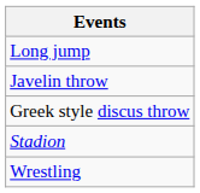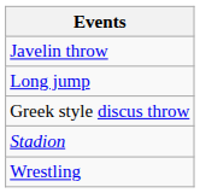 <table class="wikitable"  style="font-size:95%; float:right;">
 <tr>
 <th>Events</th>
 </tr>
 <tr>
-<td><a href='#'>Long jump</a></td>
+<td><a href='#'>Javelin throw</a></td>
 </tr>
 <tr>
-<td><a href='#'>Javelin throw</a></td>
+<td><a href='#'>Long jump</a></td>
 </tr>
 <tr>
 <td>Greek style <a href='#'>discus throw</a></td>
 </tr>
 <tr>
 <td><em><a href='#'>Stadion</a></em></td>
 </tr>
 <tr>
 <td><a href='#'>Wrestling</a></td>
 </tr>
 </table>
